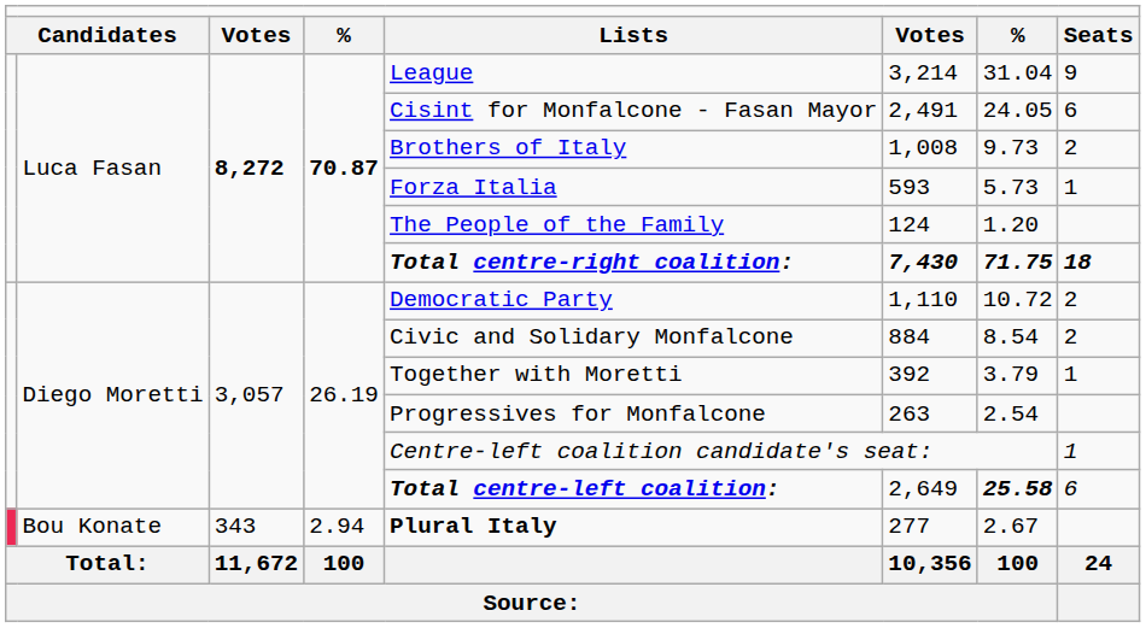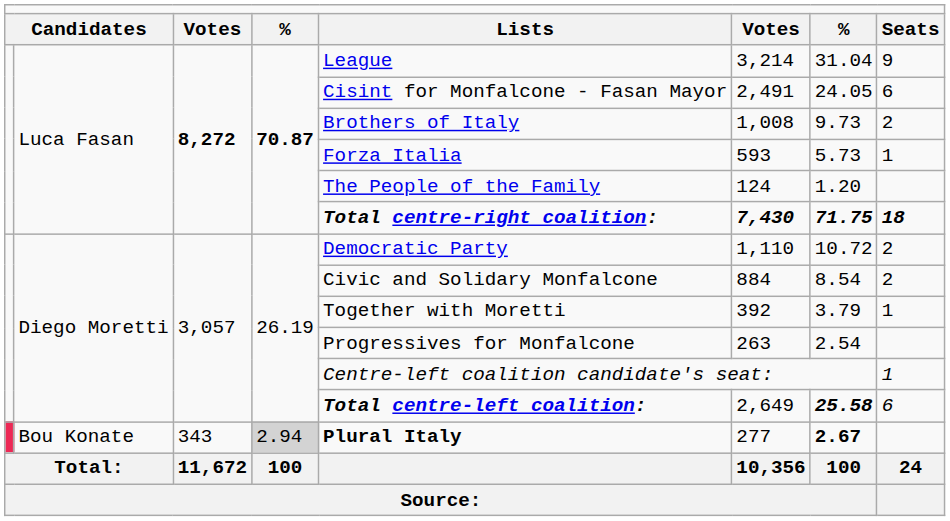 <table class="wikitable sortable">
 <tr>
 <td colspan="8"></td>
 </tr>
 <tr>
 <th colspan="2">Candidates</th>
 <th>Votes</th>
 <th>%</th>
 <th>Lists</th>
 <th>Votes</th>
 <th>%</th>
 <th>Seats</th>
 </tr>
 <tr>
 <td rowspan="6"></td>
 <td rowspan="6">Luca Fasan </td>
 <td rowspan="6"><strong>8,272</strong></td>
 <td rowspan="6"><strong>70.87</strong></td>
 <td><a href='#'>League</a></td>
 <td>3,214</td>
 <td>31.04</td>
 <td>9</td>
 </tr>
 <tr>
 <td><a href='#'>Cisint</a> for Monfalcone - Fasan Mayor</td>
 <td>2,491</td>
 <td>24.05</td>
 <td>6</td>
 </tr>
 <tr>
 <td><a href='#'>Brothers of Italy</a></td>
 <td>1,008</td>
 <td>9.73</td>
 <td>2</td>
 </tr>
 <tr>
 <td><a href='#'>Forza Italia</a></td>
 <td>593</td>
 <td>5.73</td>
 <td>1</td>
 </tr>
 <tr>
 <td><a href='#'>The People of the Family</a></td>
 <td>124</td>
 <td>1.20</td>
 <td></td>
 </tr>
 <tr>
 <td><strong><em>Total <a href='#'>centre-right coalition</a>:</em></strong></td>
 <td><strong><em>7,430</em></strong></td>
 <td><strong><em>71.75</em></strong></td>
 <td><strong><em>18</em></strong></td>
 </tr>
 <tr>
 <td rowspan="6"></td>
 <td rowspan="6">Diego Moretti</td>
 <td rowspan="6">3,057</td>
 <td rowspan="6">26.19</td>
 <td><a href='#'>Democratic Party</a></td>
 <td>1,110</td>
 <td>10.72</td>
 <td>2</td>
 </tr>
 <tr>
 <td>Civic and Solidary Monfalcone</td>
 <td>884</td>
 <td>8.54</td>
 <td>2</td>
 </tr>
 <tr>
 <td>Together with Moretti</td>
 <td>392</td>
 <td>3.79</td>
 <td>1</td>
 </tr>
 <tr>
 <td>Progressives for Monfalcone</td>
 <td>263</td>
 <td>2.54</td>
 <td></td>
 </tr>
 <tr>
 <td colspan="3"><em>Centre-left coalition candidate's seat:</em></td>
 <td><em>1</em></td>
 </tr>
 <tr>
 <td><strong><em>Total <a href='#'>centre-left coalition</a>:</em></strong></td>
 <td>2,649</td>
 <td><strong><em>25.58</em></strong></td>
 <td><em>6</em></td>
 </tr>
 <tr>
 <td bgcolor="#ED2855"></td>
 <td>Bou Konate</td>
 <td>343</td>
-<td>2.94</td>
+<td style="background: lightgrey;">2.94</td>
 <td><strong>Plural Italy</strong></td>
 <td>277</td>
-<td>2.67</td>
+<td><strong>2.67</strong></td>
 <td></td>
 </tr>
 <tr>
 <th colspan="2">Total:</th>
 <th>11,672</th>
 <th>100</th>
 <th></th>
 <th>10,356</th>
 <th>100</th>
 <th>24</th>
 </tr>
 <tr>
 <th colspan="7">Source:</th>
 <th></th>
 </tr>
 </table>
